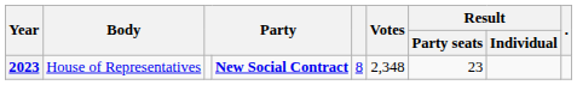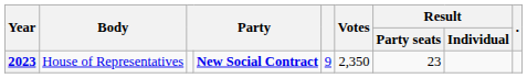 <table class="wikitable plainrowheaders sortable" border=2 cellpadding=4 cellspacing=0 style="border: 1px #aaa solid; font-size: 90%; text-align:center;">
 <tr>
 <th scope="col" rowspan=2>Year</th>
 <th scope="col" rowspan=2>Body</th>
 <th scope="col" colspan=2 rowspan=2>Party</th>
 <th scope="col" rowspan=2></th>
 <th scope="col" rowspan=2>Votes</th>
 <th scope="colgroup" colspan=2>Result</th>
 <th scope="col" rowspan=2 class="unsortable">.</th>
 </tr>
 <tr>
 <th scope="col">Party seats</th>
 <th scope="col">Individual</th>
 </tr>
 <tr>
 <th scope="row"><a href='#'>2023</a></th>
 <td><a href='#'>House of Representatives</a></td>
 <td style="background-color:"></td>
 <td><strong><a href='#'>New Social Contract</a></strong></td>
-<td style=text-align:right><a href='#'>8</a></td>
-<td style=text-align:right>2,348</td>
+<td style=text-align:right><a href='#'>9</a></td>
+<td style=text-align:right>2,350</td>
 <td style=text-align:right>23</td>
 <td></td>
 <td></td>
 </tr>
 </table>
